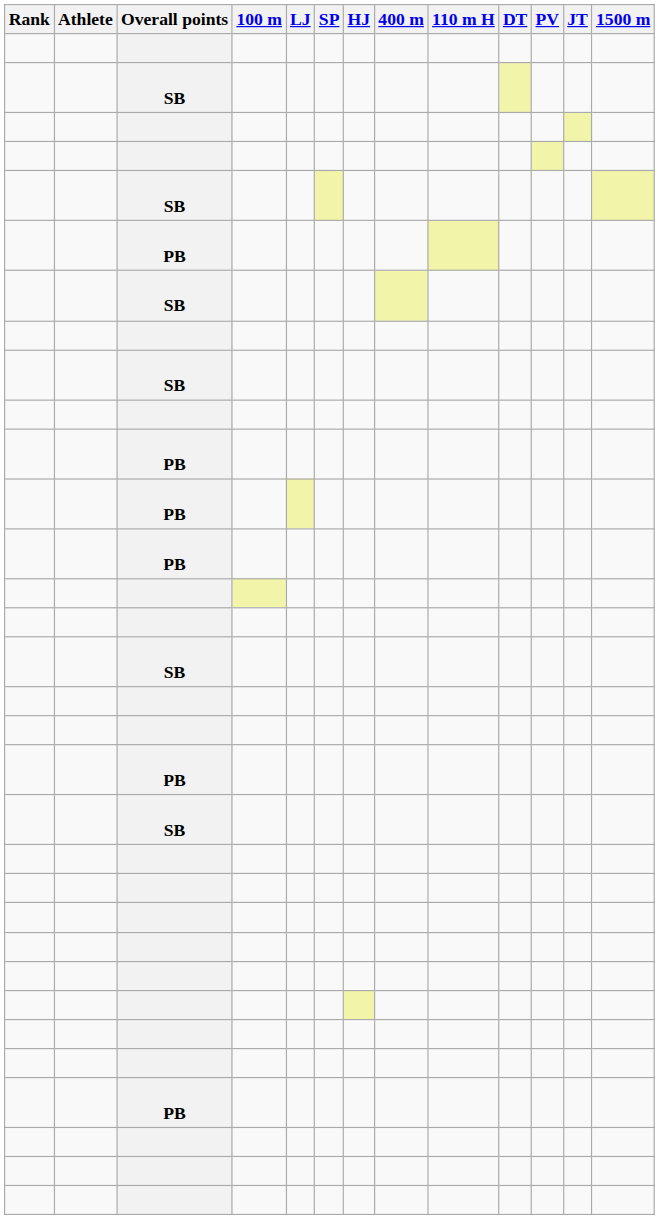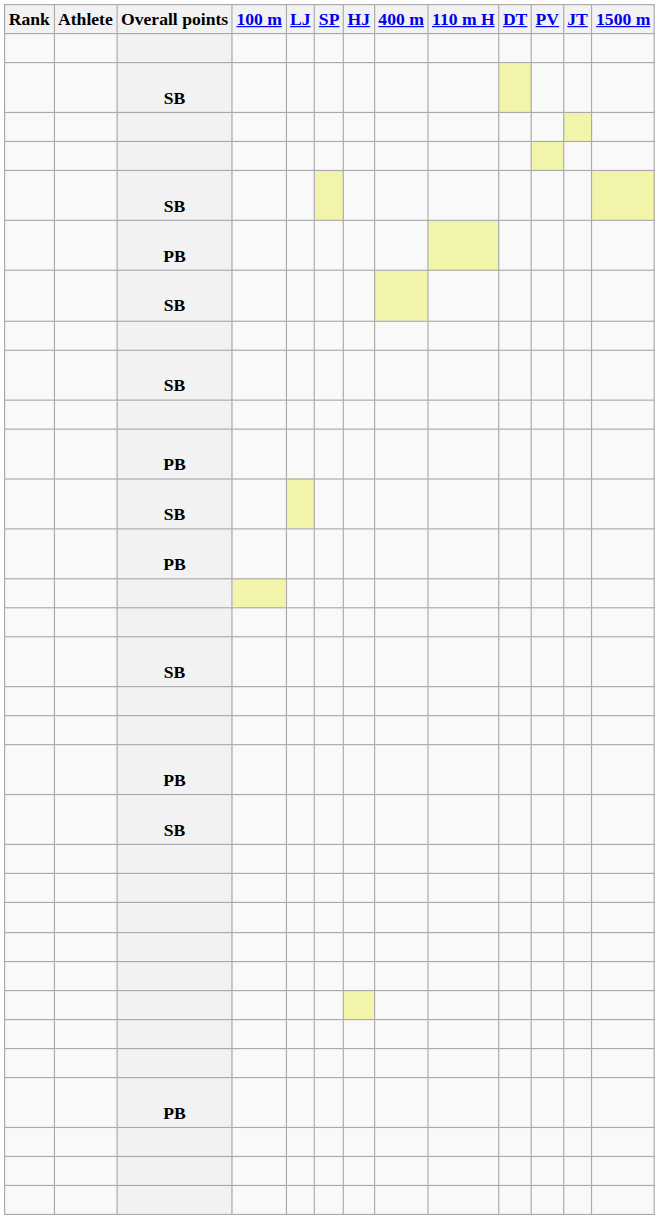 <table class="wikitable sortable" style="font-size:95%;">
 <tr>
 <th>Rank</th>
 <th>Athlete</th>
 <th>Overall points</th>
 <th><a href='#'>100 m</a></th>
 <th><a href='#'>LJ</a></th>
 <th><a href='#'>SP</a></th>
 <th><a href='#'>HJ</a></th>
 <th><a href='#'>400 m</a></th>
 <th><a href='#'>110 m H</a></th>
 <th><a href='#'>DT</a></th>
 <th><a href='#'>PV</a></th>
 <th><a href='#'>JT</a></th>
 <th><a href='#'>1500 m</a></th>
 </tr>
 <tr>
 <td align=center></td>
 <td align=left> <br></td>
 <th></th>
 <td></td>
 <td></td>
 <td></td>
 <td></td>
 <td></td>
 <td></td>
 <td></td>
 <td></td>
 <td></td>
 <td></td>
 </tr>
 <tr>
 <td align=center></td>
 <td align=left> <br></td>
 <th> <br> <strong>SB</strong></th>
 <td></td>
 <td></td>
 <td></td>
 <td></td>
 <td></td>
 <td></td>
 <td bgcolor=#F2F5A9></td>
 <td></td>
 <td></td>
 <td></td>
 </tr>
 <tr>
 <td align=center></td>
 <td align=left> <br></td>
 <th></th>
 <td></td>
 <td></td>
 <td></td>
 <td></td>
 <td></td>
 <td></td>
 <td></td>
 <td></td>
 <td bgcolor=#F2F5A9></td>
 <td></td>
 </tr>
 <tr>
 <td align=center></td>
 <td align=left> <br></td>
 <th></th>
 <td></td>
 <td></td>
 <td></td>
 <td></td>
 <td></td>
 <td></td>
 <td></td>
 <td bgcolor=#F2F5A9></td>
 <td></td>
 <td></td>
 </tr>
 <tr>
 <td align=center></td>
 <td align=left> <br></td>
 <th> <br> <strong>SB</strong></th>
 <td></td>
 <td></td>
 <td bgcolor=#F2F5A9></td>
 <td></td>
 <td></td>
 <td></td>
 <td></td>
 <td></td>
 <td></td>
 <td bgcolor=#F2F5A9></td>
 </tr>
 <tr>
 <td align=center></td>
 <td align=left> <br></td>
 <th> <br> <strong>PB</strong></th>
 <td></td>
 <td></td>
 <td></td>
 <td></td>
 <td></td>
 <td bgcolor=#F2F5A9></td>
 <td></td>
 <td></td>
 <td></td>
 <td></td>
 </tr>
 <tr>
 <td align=center></td>
 <td align=left> <br></td>
 <th> <br> <strong>SB</strong></th>
 <td></td>
 <td></td>
 <td></td>
 <td></td>
 <td bgcolor=#F2F5A9></td>
 <td></td>
 <td></td>
 <td></td>
 <td></td>
 <td></td>
 </tr>
 <tr>
 <td align=center></td>
 <td align=left> <br></td>
 <th></th>
 <td></td>
 <td></td>
 <td></td>
 <td></td>
 <td></td>
 <td></td>
 <td></td>
 <td></td>
 <td></td>
 <td></td>
 </tr>
 <tr>
 <td align=center></td>
 <td align=left> <br></td>
 <th> <br> <strong>SB</strong></th>
 <td></td>
 <td></td>
 <td></td>
 <td></td>
 <td></td>
 <td></td>
 <td></td>
 <td></td>
 <td></td>
 <td></td>
 </tr>
 <tr>
 <td align=center></td>
 <td align=left> <br></td>
 <th></th>
 <td></td>
 <td></td>
 <td></td>
 <td></td>
 <td></td>
 <td></td>
 <td></td>
 <td></td>
 <td></td>
 <td></td>
 </tr>
 <tr>
 <td align=center></td>
 <td align=left> <br></td>
 <th> <br> <strong>PB</strong></th>
 <td></td>
 <td></td>
 <td></td>
 <td></td>
 <td></td>
 <td></td>
 <td></td>
 <td></td>
 <td></td>
 <td></td>
 </tr>
 <tr>
 <td align=center></td>
 <td align=left> <br></td>
-<th> <br> <strong>PB</strong></th>
+<th> <br> <strong>SB</strong></th>
 <td></td>
 <td bgcolor=#F2F5A9></td>
 <td></td>
 <td></td>
 <td></td>
 <td></td>
 <td></td>
 <td></td>
 <td></td>
 <td></td>
 </tr>
 <tr>
 <td align=center></td>
 <td align=left> <br></td>
 <th> <br> <strong>PB</strong></th>
 <td></td>
 <td></td>
 <td></td>
 <td></td>
 <td></td>
 <td></td>
 <td></td>
 <td></td>
 <td></td>
 <td></td>
 </tr>
 <tr>
 <td align=center></td>
 <td align=left> <br></td>
 <th></th>
 <td bgcolor=#F2F5A9></td>
 <td></td>
 <td></td>
 <td></td>
 <td></td>
 <td></td>
 <td></td>
 <td></td>
 <td></td>
 <td></td>
 </tr>
 <tr>
 <td align=center></td>
 <td align=left> <br></td>
 <th></th>
 <td></td>
 <td></td>
 <td></td>
 <td></td>
 <td></td>
 <td></td>
 <td></td>
 <td></td>
 <td></td>
 <td></td>
 </tr>
 <tr>
 <td align=center></td>
 <td align=left> <br></td>
 <th> <br> <strong>SB</strong></th>
 <td></td>
 <td></td>
 <td></td>
 <td></td>
 <td></td>
 <td></td>
 <td></td>
 <td></td>
 <td></td>
 <td></td>
 </tr>
 <tr>
 <td align=center></td>
 <td align=left> <br></td>
 <th></th>
 <td></td>
 <td></td>
 <td></td>
 <td></td>
 <td></td>
 <td></td>
 <td></td>
 <td></td>
 <td></td>
 <td></td>
 </tr>
 <tr>
 <td align=center></td>
 <td align=left> <br></td>
 <th></th>
 <td></td>
 <td></td>
 <td></td>
 <td></td>
 <td></td>
 <td></td>
 <td></td>
 <td></td>
 <td></td>
 <td></td>
 </tr>
 <tr>
 <td align=center></td>
 <td align=left> <br></td>
 <th> <br> <strong>PB</strong></th>
 <td></td>
 <td></td>
 <td></td>
 <td></td>
 <td></td>
 <td></td>
 <td></td>
 <td></td>
 <td></td>
 <td></td>
 </tr>
 <tr>
 <td align=center></td>
 <td align=left> <br></td>
 <th> <br> <strong>SB</strong></th>
 <td></td>
 <td></td>
 <td></td>
 <td></td>
 <td></td>
 <td></td>
 <td></td>
 <td></td>
 <td></td>
 <td></td>
 </tr>
 <tr>
 <td align=center></td>
 <td align=left> <br></td>
 <th></th>
 <td></td>
 <td></td>
 <td></td>
 <td></td>
 <td></td>
 <td></td>
 <td></td>
 <td></td>
 <td></td>
 <td></td>
 </tr>
 <tr>
 <td align=center></td>
 <td align=left> <br></td>
 <th></th>
 <td></td>
 <td></td>
 <td></td>
 <td></td>
 <td></td>
 <td></td>
 <td></td>
 <td></td>
 <td></td>
 <td></td>
 </tr>
 <tr>
 <td align=center></td>
 <td align=left> <br></td>
 <th></th>
 <td></td>
 <td></td>
 <td></td>
 <td></td>
 <td></td>
 <td></td>
 <td></td>
 <td></td>
 <td></td>
 <td></td>
 </tr>
 <tr>
 <td align=center></td>
 <td align=left> <br></td>
 <th></th>
 <td></td>
 <td></td>
 <td></td>
 <td></td>
 <td></td>
 <td></td>
 <td></td>
 <td></td>
 <td></td>
 <td></td>
 </tr>
 <tr>
 <td align=center></td>
 <td align=left> <br></td>
 <th></th>
 <td></td>
 <td></td>
 <td></td>
 <td></td>
 <td></td>
 <td></td>
 <td></td>
 <td></td>
 <td></td>
 <td></td>
 </tr>
 <tr>
 <td align=center></td>
 <td align=left> <br></td>
 <th></th>
 <td></td>
 <td></td>
 <td></td>
 <td bgcolor=#F2F5A9></td>
 <td></td>
 <td></td>
 <td></td>
 <td></td>
 <td></td>
 <td></td>
 </tr>
 <tr>
 <td align=center></td>
 <td align=left> <br></td>
 <th></th>
 <td></td>
 <td></td>
 <td></td>
 <td></td>
 <td></td>
 <td></td>
 <td></td>
 <td></td>
 <td></td>
 <td></td>
 </tr>
 <tr>
 <td align=center></td>
 <td align=left> <br></td>
 <th></th>
 <td></td>
 <td></td>
 <td></td>
 <td></td>
 <td></td>
 <td></td>
 <td></td>
 <td></td>
 <td></td>
 <td></td>
 </tr>
 <tr>
 <td align=center></td>
 <td align=left> <br></td>
 <th> <br> <strong>PB</strong></th>
 <td></td>
 <td></td>
 <td></td>
 <td></td>
 <td></td>
 <td></td>
 <td></td>
 <td></td>
 <td></td>
 <td></td>
 </tr>
 <tr>
 <td align=center></td>
 <td align=left> <br></td>
 <th></th>
 <td></td>
 <td></td>
 <td></td>
 <td></td>
 <td></td>
 <td></td>
 <td></td>
 <td></td>
 <td></td>
 <td></td>
 </tr>
 <tr>
 <td align=center></td>
 <td align=left> <br></td>
 <th></th>
 <td></td>
 <td></td>
 <td></td>
 <td></td>
 <td></td>
 <td></td>
 <td></td>
 <td></td>
 <td></td>
 <td></td>
 </tr>
 <tr>
 <td align=center></td>
 <td align=left> <br></td>
 <th></th>
 <td></td>
 <td></td>
 <td></td>
 <td></td>
 <td></td>
 <td></td>
 <td></td>
 <td></td>
 <td></td>
 <td></td>
 </tr>
 </table>
